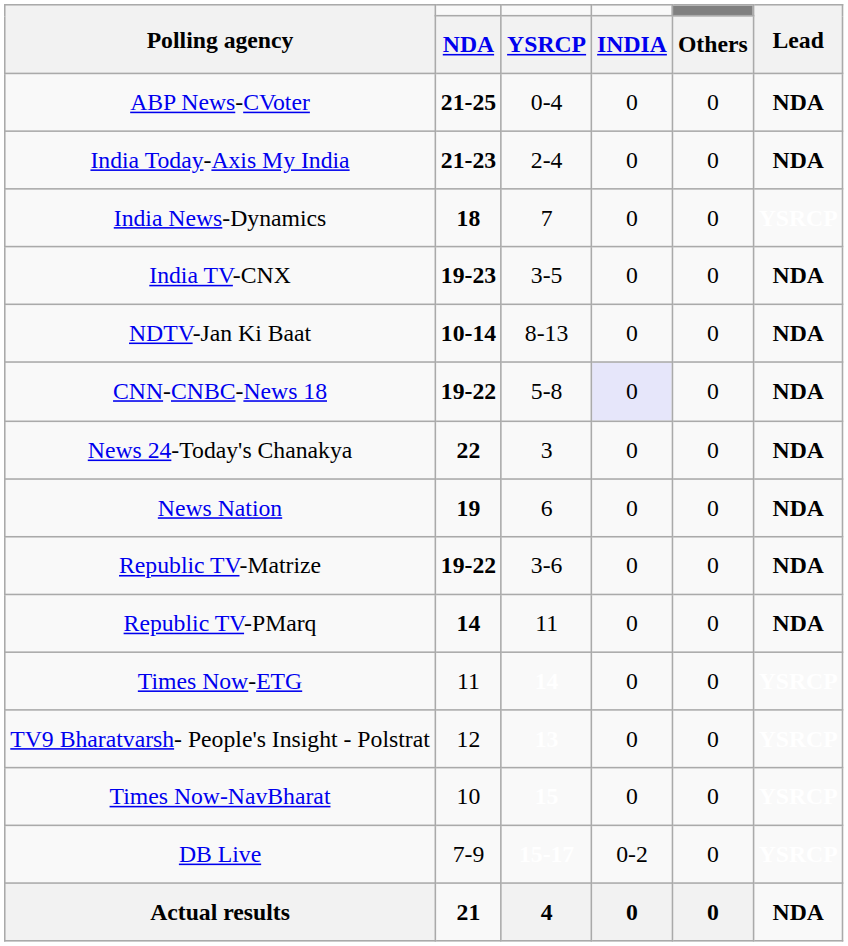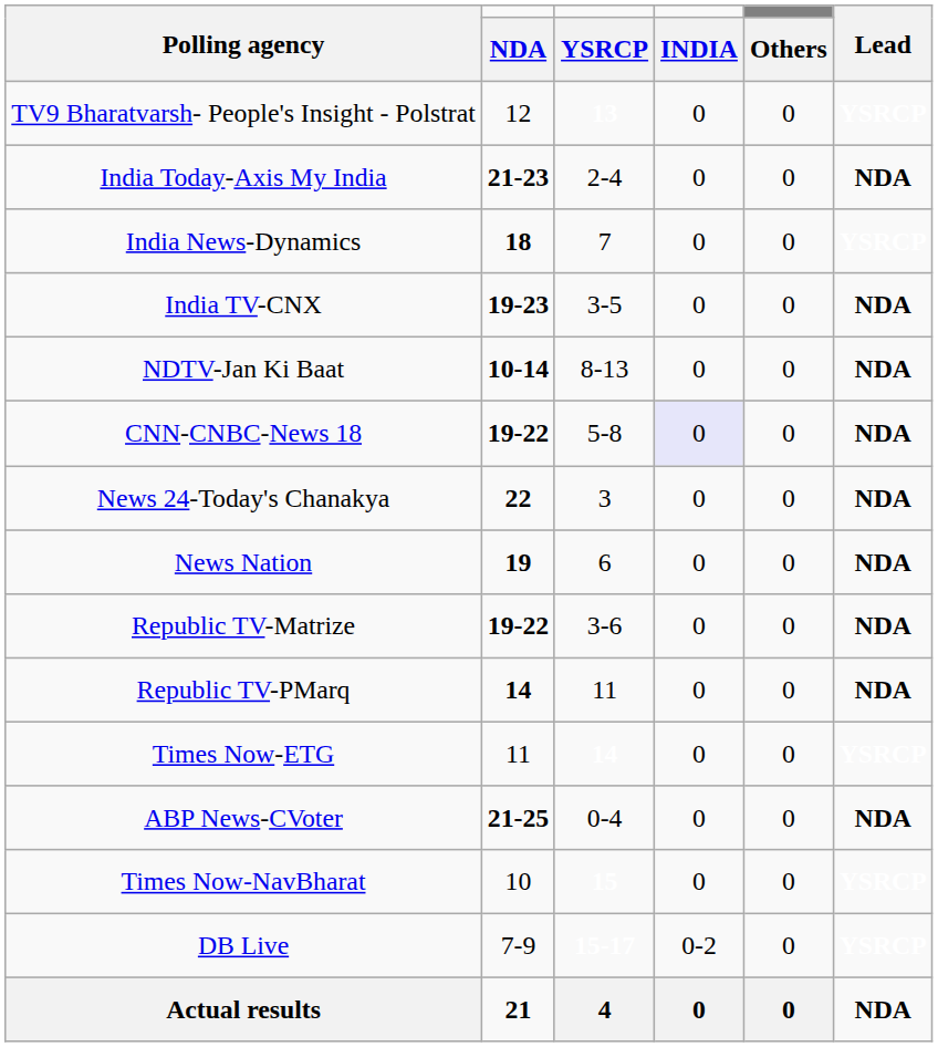 <table class="wikitable" style="text-align:center;font-size:95%;line-height:30px;">
 <tr>
 <th rowspan="2" class="wikitable">Polling agency</th>
 <td></td>
 <td></td>
 <td></td>
 <td style="background:grey;"></td>
 <th rowspan="2">Lead</th>
 </tr>
 <tr>
 <th class="wikitable"><a href='#'>NDA</a></th>
 <th class="wikitable"><a href='#'>YSRCP</a></th>
 <th class="wikitable"><a href='#'>INDIA</a></th>
 <th class="wikitable">Others</th>
 </tr>
 <tr>
-<td><a href='#'>ABP News</a>-<a href='#'>CVoter</a></td>
-<td><strong>21-25</strong></td>
-<td>0-4</td>
+<td><a href='#'>TV9 Bharatvarsh</a>- People's Insight - Polstrat</td>
+<td>12</td>
+<td style="color:white;"><strong>13</strong></td>
 <td>0</td>
 <td>0</td>
-<td><strong>NDA</strong></td>
+<td style="color:white;"><strong>YSRCP</strong></td>
 </tr>
 <tr>
 <td><a href='#'>India Today</a>-<a href='#'>Axis My India</a></td>
 <td><strong>21-23</strong></td>
 <td>2-4</td>
 <td>0</td>
 <td>0</td>
 <td><strong>NDA</strong></td>
 </tr>
 <tr>
 <td><a href='#'>India News</a>-Dynamics</td>
 <td><strong>18</strong></td>
 <td>7</td>
 <td>0</td>
 <td>0</td>
 <td style="color:white;"><strong>YSRCP</strong></td>
 </tr>
 <tr>
 <td><a href='#'>India TV</a>-CNX</td>
 <td><strong>19-23</strong></td>
 <td>3-5</td>
 <td>0</td>
 <td>0</td>
 <td><strong>NDA</strong></td>
 </tr>
 <tr>
 <td><a href='#'>NDTV</a>-Jan Ki Baat</td>
 <td><strong>10-14</strong></td>
 <td>8-13</td>
 <td>0</td>
 <td>0</td>
 <td><strong>NDA</strong></td>
 </tr>
 <tr>
 <td><a href='#'>CNN</a>-<a href='#'>CNBC</a>-<a href='#'>News 18</a></td>
 <td><strong>19-22</strong></td>
 <td>5-8</td>
 <td style="background: lavender;">0</td>
 <td>0</td>
 <td><strong>NDA</strong></td>
 </tr>
 <tr>
 <td><a href='#'>News 24</a>-Today's Chanakya</td>
 <td><strong>22</strong></td>
 <td>3</td>
 <td>0</td>
 <td>0</td>
 <td><strong>NDA</strong></td>
 </tr>
 <tr>
 <td><a href='#'>News Nation</a></td>
 <td><strong>19</strong></td>
 <td>6</td>
 <td>0</td>
 <td>0</td>
 <td><strong>NDA</strong></td>
 </tr>
 <tr>
 <td><a href='#'>Republic TV</a>-Matrize</td>
 <td><strong>19-22</strong></td>
 <td>3-6</td>
 <td>0</td>
 <td>0</td>
 <td><strong>NDA</strong></td>
 </tr>
 <tr>
 <td><a href='#'>Republic TV</a>-PMarq</td>
 <td><strong>14</strong></td>
 <td>11</td>
 <td>0</td>
 <td>0</td>
 <td><strong>NDA</strong></td>
 </tr>
 <tr>
 <td><a href='#'>Times Now</a>-<a href='#'>ETG</a></td>
 <td>11</td>
 <td style="color:white;"><strong>14</strong></td>
 <td>0</td>
 <td>0</td>
 <td style="color:white;"><strong>YSRCP</strong></td>
 </tr>
 <tr>
-<td><a href='#'>TV9 Bharatvarsh</a>- People's Insight - Polstrat</td>
-<td>12</td>
-<td style="color:white;"><strong>13</strong></td>
+<td><a href='#'>ABP News</a>-<a href='#'>CVoter</a></td>
+<td><strong>21-25</strong></td>
+<td>0-4</td>
 <td>0</td>
 <td>0</td>
-<td style="color:white;"><strong>YSRCP</strong></td>
+<td><strong>NDA</strong></td>
 </tr>
 <tr>
 <td><a href='#'>Times Now-NavBharat</a></td>
 <td>10</td>
 <td style="color:white;"><strong>15</strong></td>
 <td>0</td>
 <td>0</td>
 <td style="color:white;"><strong>YSRCP</strong></td>
 </tr>
 <tr>
 <td><a href='#'>DB Live</a></td>
 <td>7-9</td>
 <td style="color:white;"><strong>15-17</strong></td>
 <td>0-2</td>
 <td>0</td>
 <td style="color:white;"><strong>YSRCP</strong></td>
 </tr>
 <tr>
 <th>Actual results</th>
 <td><strong>21</strong></td>
 <th>4</th>
 <th>0</th>
 <th>0</th>
 <td><strong>NDA</strong></td>
 </tr>
 </table>
